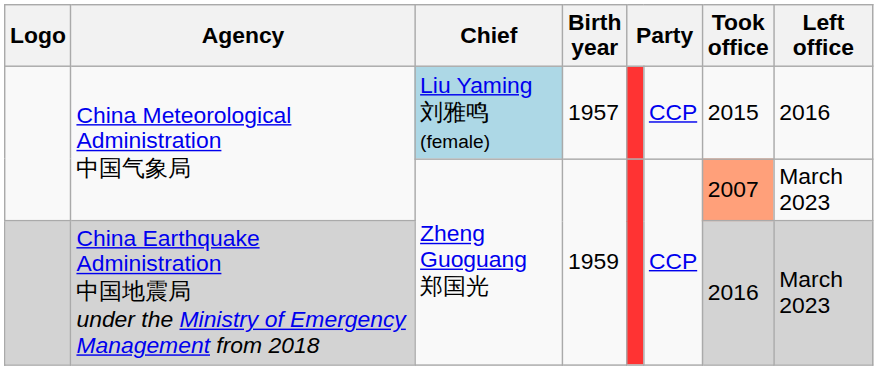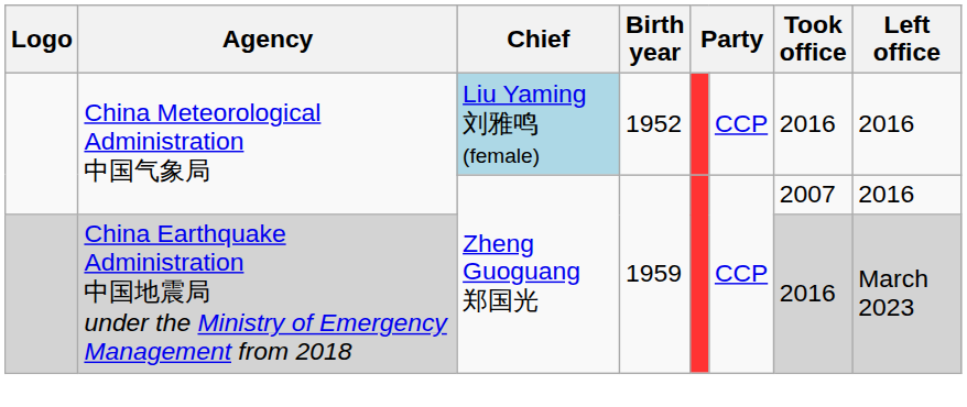 <table class="wikitable sortable">
 <tr>
 <th>Logo</th>
 <th>Agency</th>
 <th>Chief</th>
 <th>Birth<br>year</th>
 <th colspan=2>Party</th>
 <th>Took<br>office</th>
 <th>Left<br>office</th>
 </tr>
 <tr>
 <td rowspan=2></td>
 <td rowspan=2><a href='#'>China Meteorological Administration</a><br>中国气象局</td>
 <td style="background: lightblue;"><a href='#'>Liu Yaming</a><br>刘雅鸣<br><small>(female)</small></td>
-<td>1957</td>
+<td>1952</td>
 <td style="background:#FF3333;"> </td>
 <td><a href='#'>CCP</a></td>
-<td>2015</td>
+<td>2016</td>
 <td>2016</td>
 </tr>
 <tr>
 <td rowspan=2><a href='#'>Zheng Guoguang</a><br>郑国光</td>
 <td rowspan=2>1959</td>
 <td rowspan=2 style="background:#FF3333;"> </td>
 <td rowspan=2><a href='#'>CCP</a></td>
-<td style="background: lightsalmon;">2007</td>
-<td>March 2023</td>
+<td>2007</td>
+<td>2016</td>
 </tr>
 <tr bgcolor=lightgray>
 <td></td>
 <td><a href='#'>China Earthquake Administration</a><br>中国地震局<br><em>under the <a href='#'>Ministry of Emergency Management</a> from 2018</em></td>
 <td>2016</td>
 <td>March 2023</td>
 </tr>
 </table>
